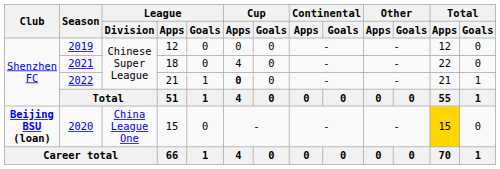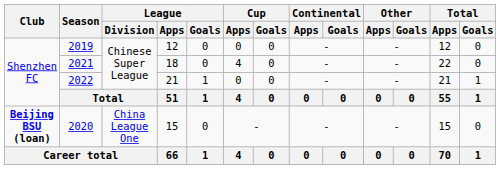 <table class="wikitable" style="text-align: center">
 <tr>
 <th rowspan="2">Club</th>
 <th rowspan="2">Season</th>
 <th colspan="3">League</th>
 <th colspan="2">Cup</th>
 <th colspan="2">Continental</th>
 <th colspan="2">Other</th>
 <th colspan="2">Total</th>
 </tr>
 <tr>
 <th>Division</th>
 <th>Apps</th>
 <th>Goals</th>
 <th>Apps</th>
 <th>Goals</th>
 <th>Apps</th>
 <th>Goals</th>
 <th>Apps</th>
 <th>Goals</th>
 <th>Apps</th>
 <th>Goals</th>
 </tr>
 <tr>
 <td rowspan=4><a href='#'>Shenzhen FC</a></td>
 <td><a href='#'>2019</a></td>
 <td rowspan=3>Chinese Super League</td>
 <td>12</td>
 <td>0</td>
 <td>0</td>
 <td>0</td>
 <td colspan="2">-</td>
 <td colspan="2">-</td>
 <td>12</td>
 <td>0</td>
 </tr>
 <tr>
 <td><a href='#'>2021</a></td>
 <td>18</td>
 <td>0</td>
 <td>4</td>
 <td>0</td>
 <td colspan="2">-</td>
 <td colspan="2">-</td>
 <td>22</td>
 <td>0</td>
 </tr>
 <tr>
 <td><a href='#'>2022</a></td>
 <td>21</td>
 <td>1</td>
-<td><strong>0</strong></td>
+<td>0</td>
 <td>0</td>
 <td colspan="2">-</td>
 <td colspan="2">-</td>
 <td>21</td>
 <td>1</td>
 </tr>
 <tr>
 <th colspan=2>Total</th>
 <th>51</th>
 <th>1</th>
 <th>4</th>
 <th>0</th>
 <th>0</th>
 <th>0</th>
 <th>0</th>
 <th>0</th>
 <th>55</th>
 <th>1</th>
 </tr>
 <tr>
 <td><strong><a href='#'>Beijing BSU</a> (loan)</strong></td>
 <td><a href='#'>2020</a></td>
 <td><a href='#'>China League One</a></td>
 <td>15</td>
 <td>0</td>
 <td colspan="2">-</td>
 <td colspan="2">-</td>
 <td colspan="2">-</td>
-<td style="background: gold;">15</td>
+<td>15</td>
 <td>0</td>
 </tr>
 <tr>
 <th colspan=3>Career total</th>
 <th>66</th>
 <th>1</th>
 <th>4</th>
 <th>0</th>
 <th>0</th>
 <th>0</th>
 <th>0</th>
 <th>0</th>
 <th>70</th>
 <th>1</th>
 </tr>
 </table>
